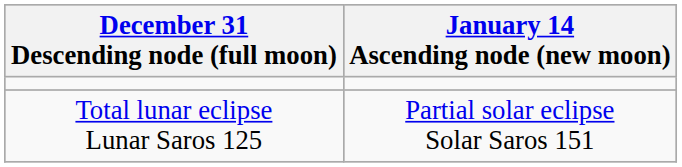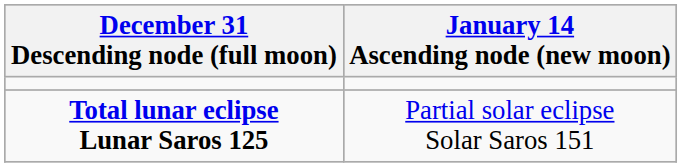 <table class="wikitable">
 <tr>
 <th><a href='#'>December 31</a><br>Descending node (full moon)<br></th>
 <th><a href='#'>January 14</a><br>Ascending node (new moon)<br></th>
 </tr>
 <tr>
 <td></td>
 <td></td>
 </tr>
 <tr align=center>
-<td><a href='#'>Total lunar eclipse</a><br>Lunar Saros 125</td>
+<td><strong><a href='#'>Total lunar eclipse</a><br>Lunar Saros 125</strong></td>
 <td><a href='#'>Partial solar eclipse</a><br>Solar Saros 151</td>
 </tr>
 </table>
